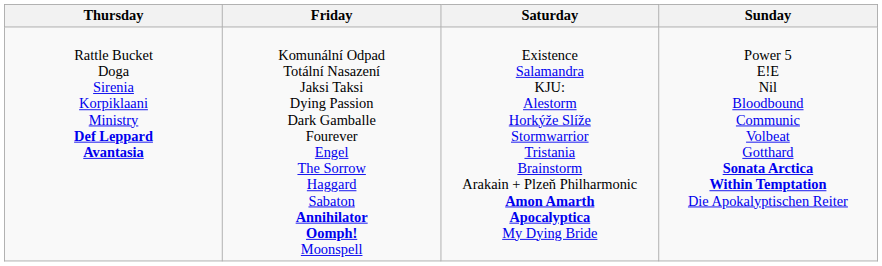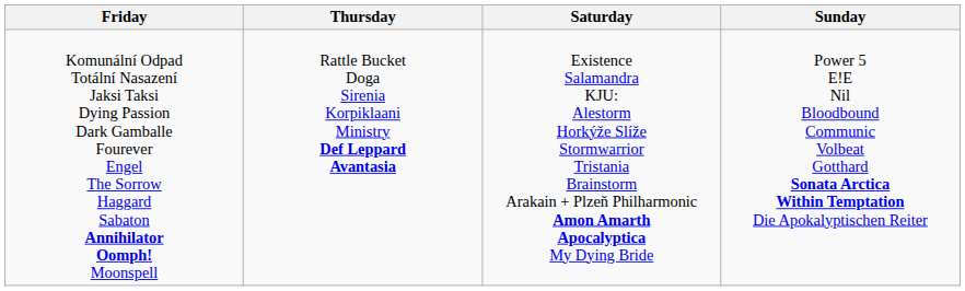 <table class="wikitable">
 <tr>
+<th>Friday</th>
 <th>Thursday</th>
-<th>Friday</th>
 <th>Saturday</th>
 <th>Sunday</th>
 </tr>
 <tr>
+<td valign="top" align="center" width=235><br>Komunální Odpad <br> Totální Nasazení <br> Jaksi Taksi <br> Dying Passion <br> Dark Gamballe <br> Fourever <br> <a href='#'>Engel</a><br> <a href='#'>The Sorrow</a><br> <a href='#'>Haggard</a><br> <a href='#'>Sabaton</a><br> <strong><a href='#'>Annihilator</a></strong><br> <strong><a href='#'>Oomph!</a></strong><br> <a href='#'>Moonspell</a><br></td>
 <td valign="top" align="center" width=235><br>Rattle Bucket<br> Doga<br> <a href='#'>Sirenia</a><br> <a href='#'>Korpiklaani</a><br> <a href='#'>Ministry</a><br> <strong><a href='#'>Def Leppard</a></strong><br> <strong><a href='#'>Avantasia</a></strong><br></td>
-<td valign="top" align="center" width=235><br>Komunální Odpad <br> Totální Nasazení <br> Jaksi Taksi <br> Dying Passion <br> Dark Gamballe <br> Fourever <br> <a href='#'>Engel</a><br> <a href='#'>The Sorrow</a><br> <a href='#'>Haggard</a><br> <a href='#'>Sabaton</a><br> <strong><a href='#'>Annihilator</a></strong><br> <strong><a href='#'>Oomph!</a></strong><br> <a href='#'>Moonspell</a><br></td>
 <td valign="top" align="center" width=235><br>Existence<br> <a href='#'>Salamandra</a><br> KJU:<br> <a href='#'>Alestorm</a><br> <a href='#'>Horkýže Slíže</a> <br> <a href='#'>Stormwarrior</a><br> <a href='#'>Tristania</a><br> <a href='#'>Brainstorm</a><br> Arakain + Plzeň Philharmonic<br> <strong><a href='#'>Amon Amarth</a><br></strong> <strong><a href='#'>Apocalyptica</a><br></strong> <a href='#'>My Dying Bride</a><br></td>
 <td valign="top" align="center" width=235><br>Power 5<br> E!E<br> Nil<br> <a href='#'>Bloodbound</a><br> <a href='#'>Communic</a><br> <a href='#'>Volbeat</a><br> <a href='#'>Gotthard</a><br> <strong><a href='#'>Sonata Arctica</a></strong><br> <strong><a href='#'>Within Temptation</a></strong><br> <a href='#'>Die Apokalyptischen Reiter</a><br></td>
 </tr>
 </table>
